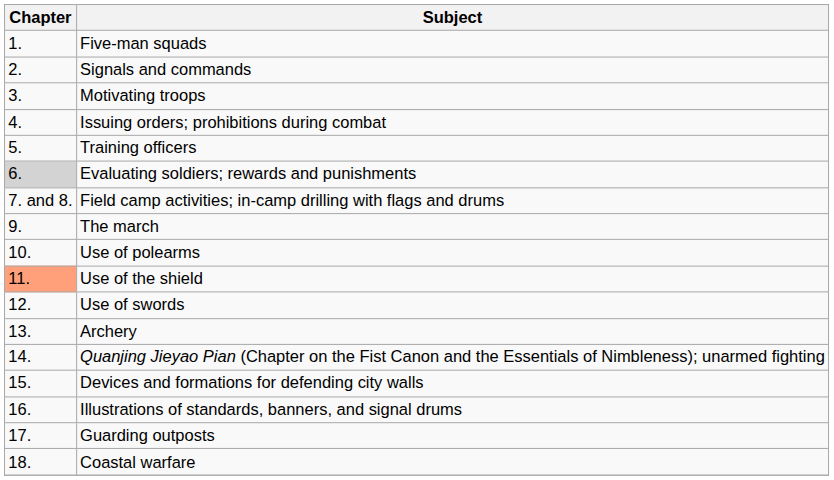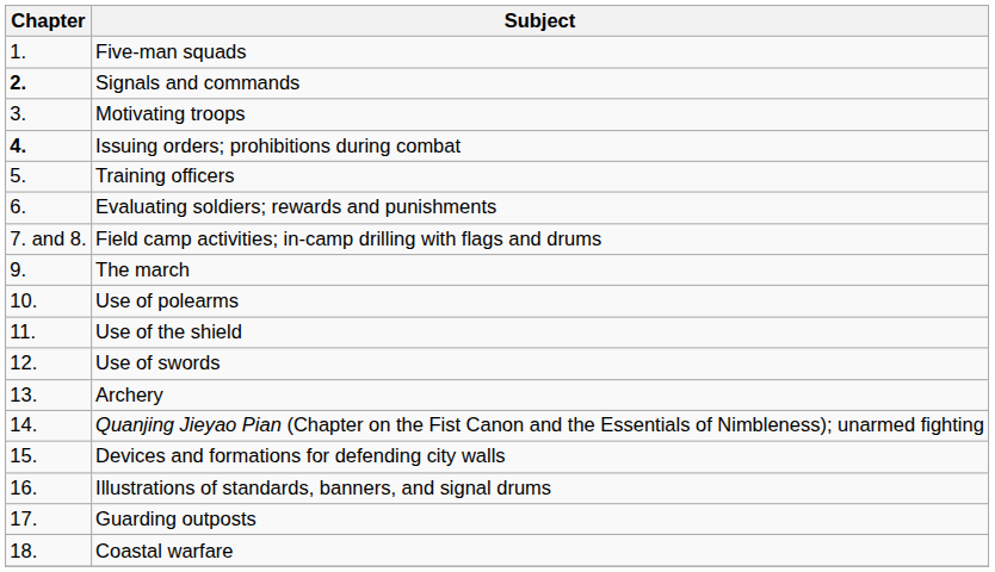 <table class="wikitable">
 <tr>
 <th>Chapter</th>
 <th>Subject</th>
 </tr>
 <tr>
 <td>1.</td>
 <td>Five-man squads</td>
 </tr>
 <tr>
-<td>2.</td>
+<td><strong>2.</strong></td>
 <td>Signals and commands</td>
 </tr>
 <tr>
 <td>3.</td>
 <td>Motivating troops</td>
 </tr>
 <tr>
-<td>4.</td>
+<td><strong>4.</strong></td>
 <td>Issuing orders; prohibitions during combat</td>
 </tr>
 <tr>
 <td>5.</td>
 <td>Training officers</td>
 </tr>
 <tr>
-<td style="background: lightgrey;">6.</td>
+<td>6.</td>
 <td>Evaluating soldiers; rewards and punishments</td>
 </tr>
 <tr>
 <td>7. and 8.</td>
 <td>Field camp activities; in-camp drilling with flags and drums</td>
 </tr>
 <tr>
 <td>9.</td>
 <td>The march</td>
 </tr>
 <tr>
 <td>10.</td>
 <td>Use of polearms</td>
 </tr>
 <tr>
-<td style="background: lightsalmon;">11.</td>
+<td>11.</td>
 <td>Use of the shield</td>
 </tr>
 <tr>
 <td>12.</td>
 <td>Use of swords</td>
 </tr>
 <tr>
 <td>13.</td>
 <td>Archery</td>
 </tr>
 <tr>
 <td>14.</td>
 <td><em>Quanjing Jieyao Pian</em> (Chapter on the Fist Canon and the Essentials of Nimbleness); unarmed fighting</td>
 </tr>
 <tr>
 <td>15.</td>
 <td>Devices and formations for defending city walls</td>
 </tr>
 <tr>
 <td>16.</td>
 <td>Illustrations of standards, banners, and signal drums</td>
 </tr>
 <tr>
 <td>17.</td>
 <td>Guarding outposts</td>
 </tr>
 <tr>
 <td>18.</td>
 <td>Coastal warfare</td>
 </tr>
 <tr>
 </tr>
 </table>
